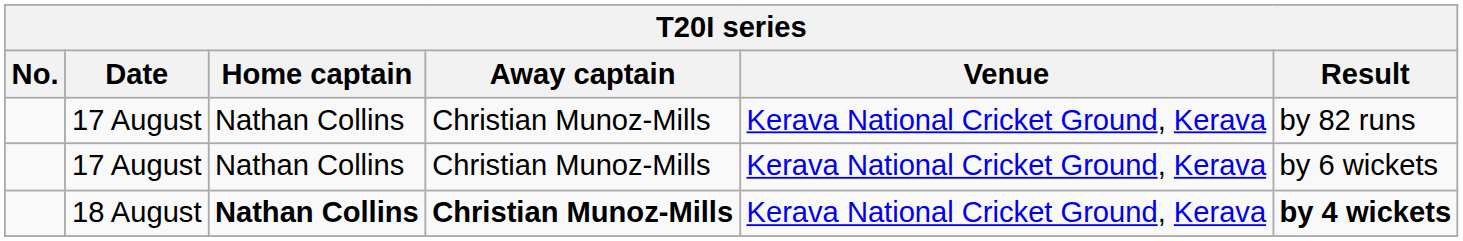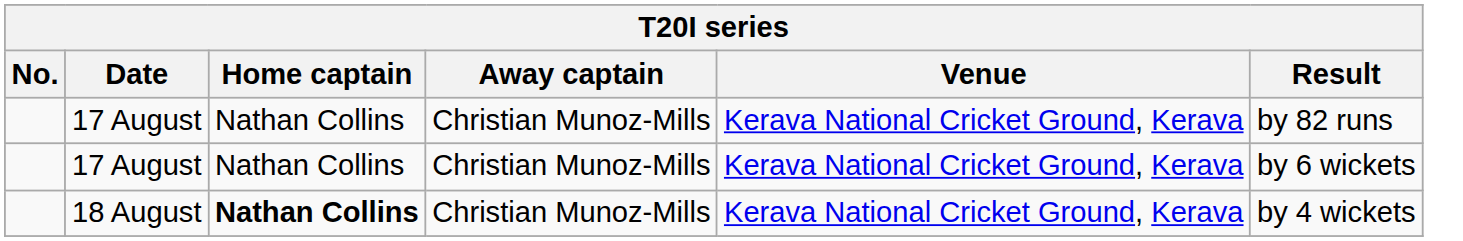 <table class="wikitable">
 <tr>
 <th colspan="8">T20I series</th>
 </tr>
 <tr>
 <th>No.</th>
 <th>Date</th>
 <th>Home captain</th>
 <th>Away captain</th>
 <th>Venue</th>
 <th>Result</th>
 </tr>
 <tr>
 <td></td>
 <td>17 August</td>
 <td>Nathan Collins</td>
 <td>Christian Munoz-Mills</td>
 <td><a href='#'>Kerava National Cricket Ground</a>, <a href='#'>Kerava</a></td>
 <td> by 82 runs</td>
 </tr>
 <tr>
 <td></td>
 <td>17 August</td>
 <td>Nathan Collins</td>
 <td>Christian Munoz-Mills</td>
 <td><a href='#'>Kerava National Cricket Ground</a>, <a href='#'>Kerava</a></td>
 <td> by 6 wickets</td>
 </tr>
 <tr>
 <td></td>
 <td>18 August</td>
 <td><strong>Nathan Collins</strong></td>
-<td><strong>Christian Munoz-Mills</strong></td>
+<td>Christian Munoz-Mills</td>
 <td><a href='#'>Kerava National Cricket Ground</a>, <a href='#'>Kerava</a></td>
-<td><strong> by 4 wickets</strong></td>
+<td> by 4 wickets</td>
 </tr>
 </table>
